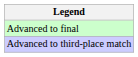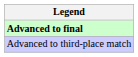 <table class="wikitable">
 <tr>
 <th>Legend</th>
 </tr>
 <tr bgcolor=ccffcc>
-<td>Advanced to final</td>
+<td><strong>Advanced to final</strong></td>
 </tr>
 <tr bgcolor=ccccff>
 <td>Advanced to third-place match</td>
 </tr>
 </table>
